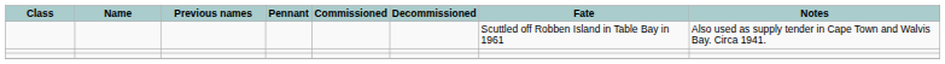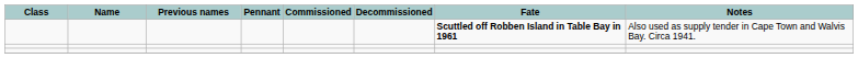 <table class="wikitable sortable" style="font-style: normal; font-size: 85%">
 <tr>
 <th style="width:8%; background-color:#aacccc">Class</th>
 <th style="width:10%; background-color:#aacccc">Name</th>
 <th class=unsortable style="width:12%; background-color:#aacccc">Previous names</th>
 <th style="width:5%; background-color:#aacccc">Pennant</th>
 <th style="width:5%; background-color:#aacccc">Commissioned</th>
 <th style="width:5%; background-color:#aacccc">Decommissioned</th>
 <th class=unsortable style="width:25%; background-color:#aacccc">Fate</th>
 <th class=unsortable style="width:30%; background-color:#aacccc">Notes</th>
 </tr>
 <tr>
 <td></td>
 <td></td>
 <td></td>
 <td></td>
 <td></td>
 <td></td>
-<td>Scuttled off Robben Island in Table Bay in 1961</td>
+<td><strong>Scuttled off Robben Island in Table Bay in 1961</strong></td>
 <td>Also used as supply tender in Cape Town and Walvis Bay. Circa 1941.</td>
 </tr>
 <tr>
 <td></td>
 <td></td>
 <td></td>
 <td></td>
 <td></td>
 <td></td>
 <td></td>
 <td></td>
 </tr>
 <tr>
 <td></td>
 <td></td>
 <td></td>
 <td></td>
 <td></td>
 <td></td>
 <td></td>
 <td></td>
 </tr>
 <tr>
 </tr>
 </table>
